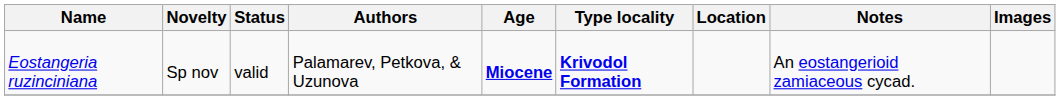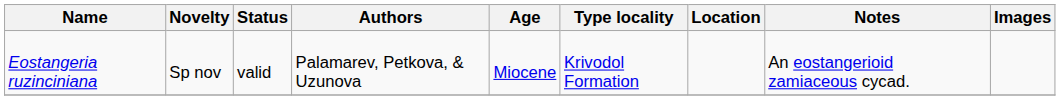 <table class="wikitable sortable" align="center" width="80%">
 <tr>
 <th>Name</th>
 <th>Novelty</th>
 <th>Status</th>
 <th>Authors</th>
 <th>Age</th>
 <th>Type locality</th>
 <th>Location</th>
 <th>Notes</th>
 <th>Images</th>
 </tr>
 <tr>
 <td><br><em><a href='#'>Eostangeria ruzinciniana</a></em></td>
 <td><br>Sp nov</td>
 <td><br>valid</td>
 <td><br>Palamarev, Petkova, & Uzunova</td>
-<td><strong><br><a href='#'>Miocene</a></strong></td>
-<td><strong><br><a href='#'>Krivodol Formation</a></strong></td>
+<td><br><a href='#'>Miocene</a></td>
+<td><br><a href='#'>Krivodol Formation</a></td>
 <td><br></td>
 <td><br>An <a href='#'>eostangerioid</a> <a href='#'>zamiaceous</a> cycad.</td>
 <td></td>
 </tr>
 <tr>
 </tr>
 </table>
